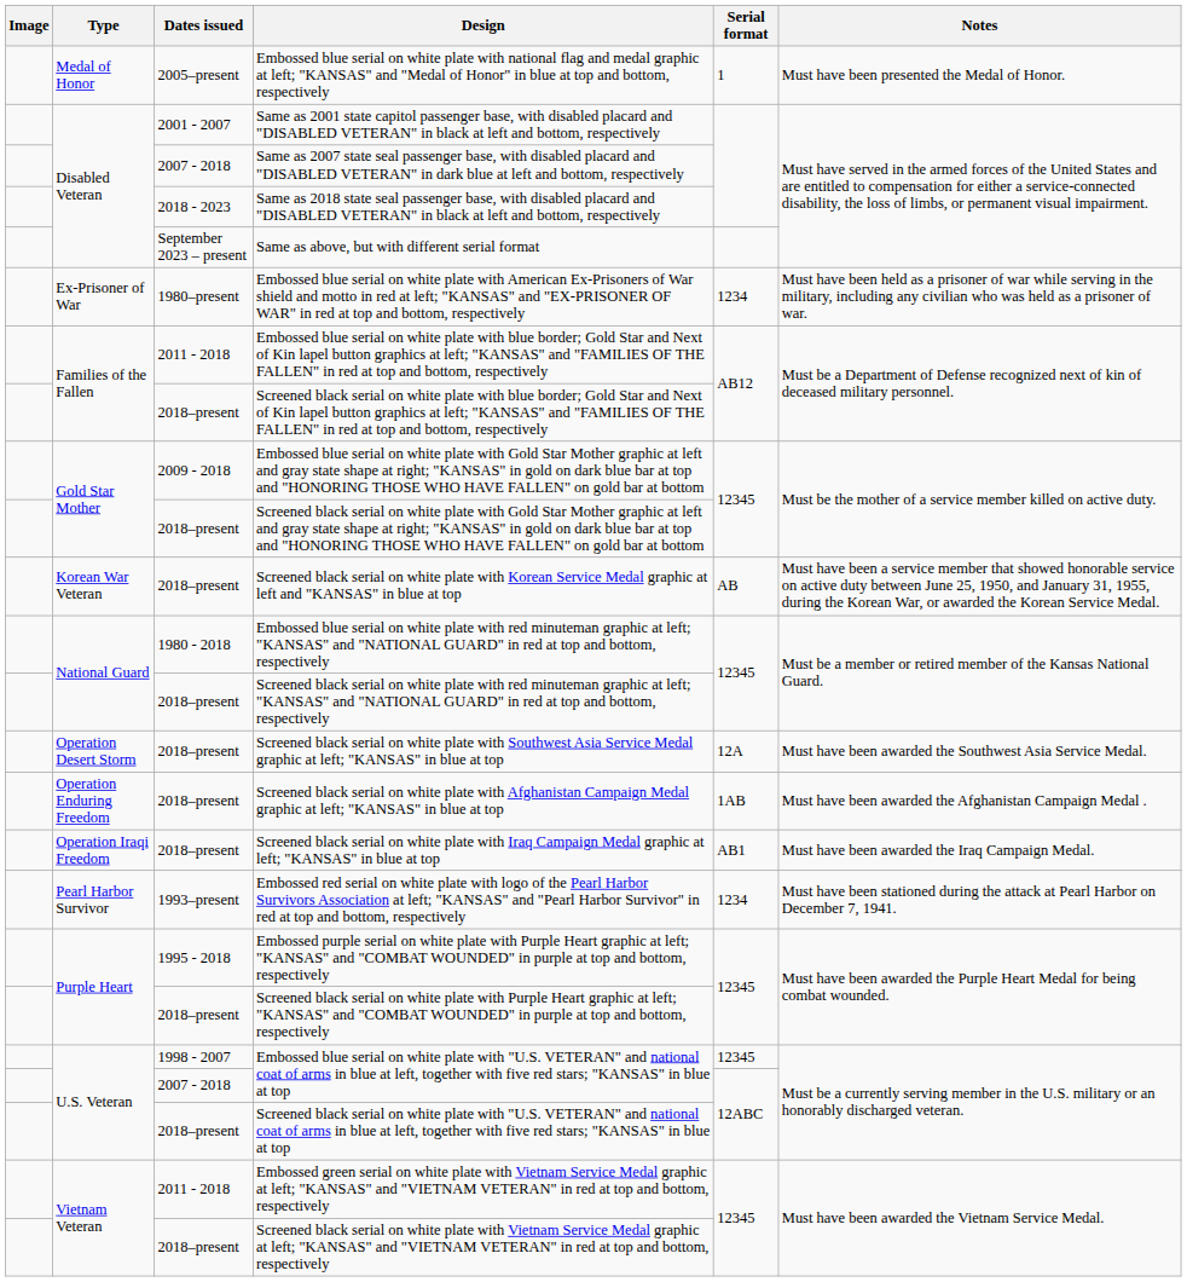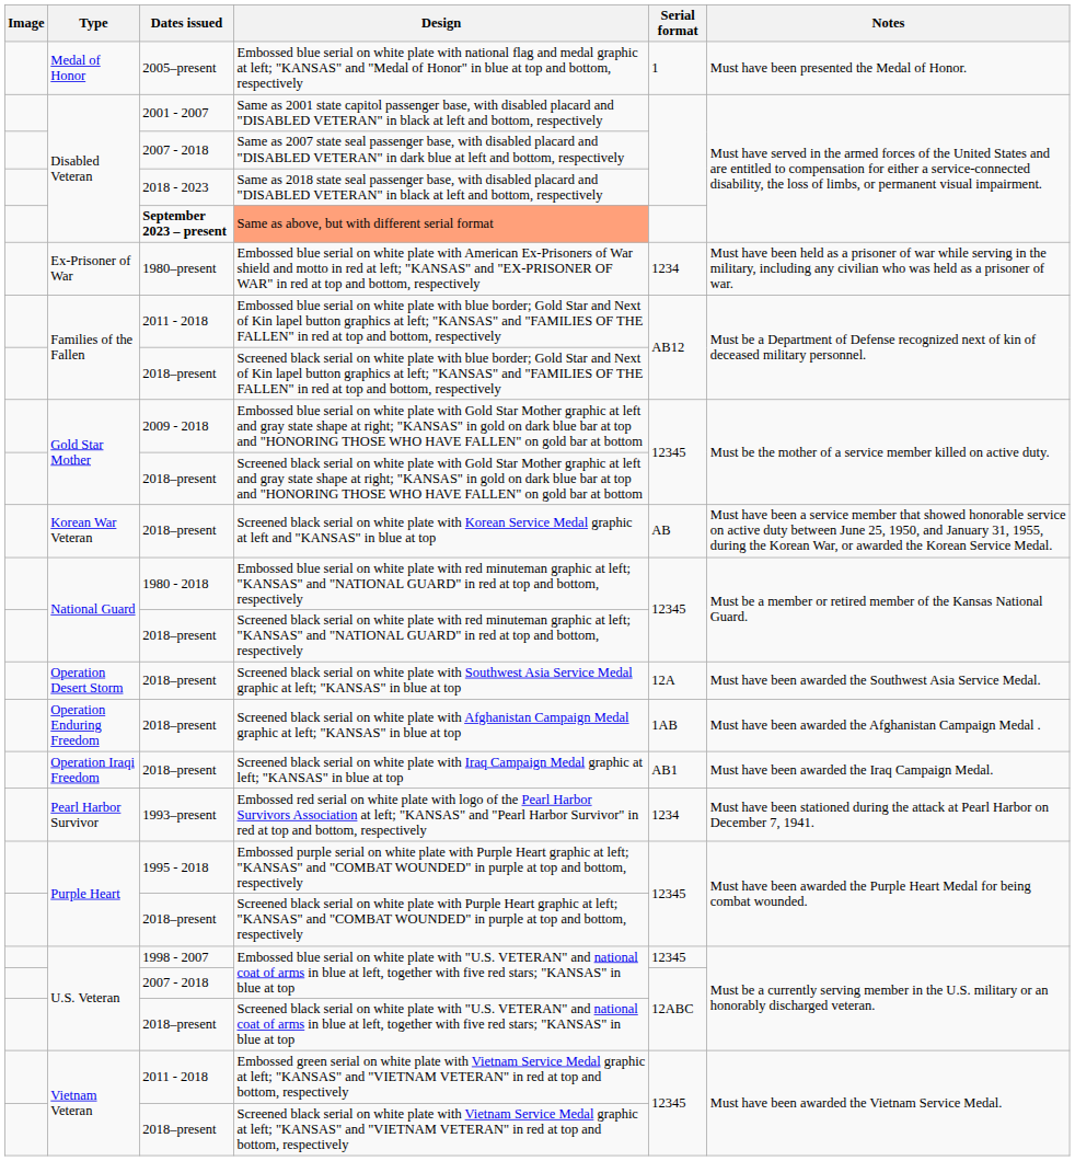 <table class="wikitable">
 <tr>
 <th>Image</th>
 <th>Type</th>
 <th>Dates issued</th>
 <th>Design</th>
 <th>Serial format</th>
 <th>Notes</th>
 </tr>
 <tr>
 <td></td>
 <td><a href='#'>Medal of Honor</a></td>
 <td>2005–present</td>
 <td>Embossed blue serial on white plate with national flag and medal graphic at left; "KANSAS" and "Medal of Honor" in blue at top and bottom, respectively</td>
 <td>1</td>
 <td>Must have been presented the Medal of Honor.</td>
 </tr>
 <tr>
 <td></td>
 <td rowspan="4">Disabled Veteran</td>
 <td>2001 - 2007</td>
 <td>Same as 2001 state capitol passenger base, with disabled placard and "DISABLED VETERAN" in black at left and bottom, respectively</td>
 <td rowspan="3"></td>
 <td rowspan="4">Must have served in the armed forces of the United States and are entitled to compensation for either a service-connected disability, the loss of limbs, or permanent visual impairment.</td>
 </tr>
 <tr>
 <td></td>
 <td>2007 - 2018</td>
 <td>Same as 2007 state seal passenger base, with disabled placard and "DISABLED VETERAN" in dark blue at left and bottom, respectively</td>
 </tr>
 <tr>
 <td></td>
 <td>2018 - 2023</td>
 <td>Same as 2018 state seal passenger base, with disabled placard and "DISABLED VETERAN" in black at left and bottom, respectively</td>
 </tr>
 <tr>
 <td></td>
-<td>September 2023 – present</td>
-<td>Same as above, but with different serial format</td>
+<td><strong>September 2023 – present</strong></td>
+<td style="background: lightsalmon;">Same as above, but with different serial format</td>
 <td></td>
 </tr>
 <tr>
 <td></td>
 <td>Ex-Prisoner of War</td>
 <td>1980–present</td>
 <td>Embossed blue serial on white plate with American Ex-Prisoners of War shield and motto in red at left; "KANSAS" and "EX-PRISONER OF WAR" in red at top and bottom, respectively</td>
 <td>1234</td>
 <td>Must have been held as a prisoner of war while serving in the military, including any civilian who was held as a prisoner of war.</td>
 </tr>
 <tr>
 <td></td>
 <td rowspan="2">Families of the Fallen</td>
 <td>2011 - 2018</td>
 <td>Embossed blue serial on white plate with blue border; Gold Star and Next of Kin lapel button graphics at left; "KANSAS" and "FAMILIES OF THE FALLEN" in red at top and bottom, respectively</td>
 <td rowspan="2">AB12</td>
 <td rowspan="2">Must be a Department of Defense recognized next of kin of deceased military personnel.</td>
 </tr>
 <tr>
 <td></td>
 <td>2018–present</td>
 <td>Screened black serial on white plate with blue border; Gold Star and Next of Kin lapel button graphics at left; "KANSAS" and "FAMILIES OF THE FALLEN" in red at top and bottom, respectively</td>
 </tr>
 <tr>
 <td></td>
 <td rowspan="2"><a href='#'>Gold Star Mother</a></td>
 <td>2009 - 2018</td>
 <td>Embossed blue serial on white plate with Gold Star Mother graphic at left and gray state shape at right; "KANSAS" in gold on dark blue bar at top and "HONORING THOSE WHO HAVE FALLEN" on gold bar at bottom</td>
 <td rowspan="2">12345</td>
 <td rowspan="2">Must be the mother of a service member killed on active duty.</td>
 </tr>
 <tr>
 <td></td>
 <td>2018–present</td>
 <td>Screened black serial on white plate with Gold Star Mother graphic at left and gray state shape at right; "KANSAS" in gold on dark blue bar at top and "HONORING THOSE WHO HAVE FALLEN" on gold bar at bottom</td>
 </tr>
 <tr>
 <td></td>
 <td><a href='#'>Korean War</a> Veteran</td>
 <td>2018–present</td>
 <td>Screened black serial on white plate with <a href='#'>Korean Service Medal</a> graphic at left and "KANSAS" in blue at top</td>
 <td>AB</td>
 <td>Must have been a service member that showed honorable service on active duty between June 25, 1950, and January 31, 1955, during the Korean War, or awarded the Korean Service Medal.</td>
 </tr>
 <tr>
 <td></td>
 <td rowspan="2"><a href='#'>National Guard</a></td>
 <td>1980 - 2018</td>
 <td>Embossed blue serial on white plate with red minuteman graphic at left; "KANSAS" and "NATIONAL GUARD" in red at top and bottom, respectively</td>
 <td rowspan="2">12345</td>
 <td rowspan="2">Must be a member or retired member of the Kansas National Guard.</td>
 </tr>
 <tr>
 <td></td>
 <td>2018–present</td>
 <td>Screened black serial on white plate with red minuteman graphic at left; "KANSAS" and "NATIONAL GUARD" in red at top and bottom, respectively</td>
 </tr>
 <tr>
 <td></td>
 <td><a href='#'>Operation Desert Storm</a></td>
 <td>2018–present</td>
 <td>Screened black serial on white plate with <a href='#'>Southwest Asia Service Medal</a> graphic at left; "KANSAS" in blue at top</td>
 <td>12A</td>
 <td>Must have been awarded the Southwest Asia Service Medal.</td>
 </tr>
 <tr>
 <td></td>
 <td><a href='#'>Operation Enduring Freedom</a></td>
 <td>2018–present</td>
 <td>Screened black serial on white plate with <a href='#'>Afghanistan Campaign Medal</a> graphic at left; "KANSAS" in blue at top</td>
 <td>1AB</td>
 <td>Must have been awarded the Afghanistan Campaign Medal .</td>
 </tr>
 <tr>
 <td></td>
 <td><a href='#'>Operation Iraqi Freedom</a></td>
 <td>2018–present</td>
 <td>Screened black serial on white plate with <a href='#'>Iraq Campaign Medal</a> graphic at left; "KANSAS" in blue at top</td>
 <td>AB1</td>
 <td>Must have been awarded the Iraq Campaign Medal.</td>
 </tr>
 <tr>
 <td></td>
 <td><a href='#'>Pearl Harbor</a> Survivor</td>
 <td>1993–present</td>
 <td>Embossed red serial on white plate with logo of the <a href='#'>Pearl Harbor Survivors Association</a> at left; "KANSAS" and "Pearl Harbor Survivor" in red at top and bottom, respectively</td>
 <td>1234</td>
 <td>Must have been stationed during the attack at Pearl Harbor on December 7, 1941.</td>
 </tr>
 <tr>
 <td></td>
 <td rowspan="2"><a href='#'>Purple Heart</a></td>
 <td>1995 - 2018</td>
 <td>Embossed purple serial on white plate with Purple Heart graphic at left; "KANSAS" and "COMBAT WOUNDED" in purple at top and bottom, respectively</td>
 <td rowspan="2">12345</td>
 <td rowspan="2">Must have been awarded the Purple Heart Medal for being combat wounded.</td>
 </tr>
 <tr>
 <td></td>
 <td>2018–present</td>
 <td>Screened black serial on white plate with Purple Heart graphic at left; "KANSAS" and "COMBAT WOUNDED" in purple at top and bottom, respectively</td>
 </tr>
 <tr>
 <td></td>
 <td rowspan="3">U.S. Veteran</td>
 <td>1998 - 2007</td>
 <td rowspan="2">Embossed blue serial on white plate with "U.S. VETERAN" and <a href='#'>national coat of arms</a> in blue at left, together with five red stars; "KANSAS" in blue at top</td>
 <td>12345</td>
 <td rowspan="3">Must be a currently serving member in the U.S. military or an honorably discharged veteran.</td>
 </tr>
 <tr>
 <td></td>
 <td>2007 - 2018</td>
 <td rowspan="2">12ABC</td>
 </tr>
 <tr>
 <td></td>
 <td>2018–present</td>
 <td>Screened black serial on white plate with "U.S. VETERAN" and <a href='#'>national coat of arms</a> in blue at left, together with five red stars; "KANSAS" in blue at top</td>
 </tr>
 <tr>
 <td></td>
 <td rowspan="2"><a href='#'>Vietnam</a> Veteran</td>
 <td>2011 - 2018</td>
 <td>Embossed green serial on white plate with <a href='#'>Vietnam Service Medal</a> graphic at left; "KANSAS" and "VIETNAM VETERAN" in red at top and bottom, respectively</td>
 <td rowspan="2">12345</td>
 <td rowspan="2">Must have been awarded the Vietnam Service Medal.</td>
 </tr>
 <tr>
 <td></td>
 <td>2018–present</td>
 <td>Screened black serial on white plate with <a href='#'>Vietnam Service Medal</a> graphic at left; "KANSAS" and "VIETNAM VETERAN" in red at top and bottom, respectively</td>
 </tr>
 </table>
